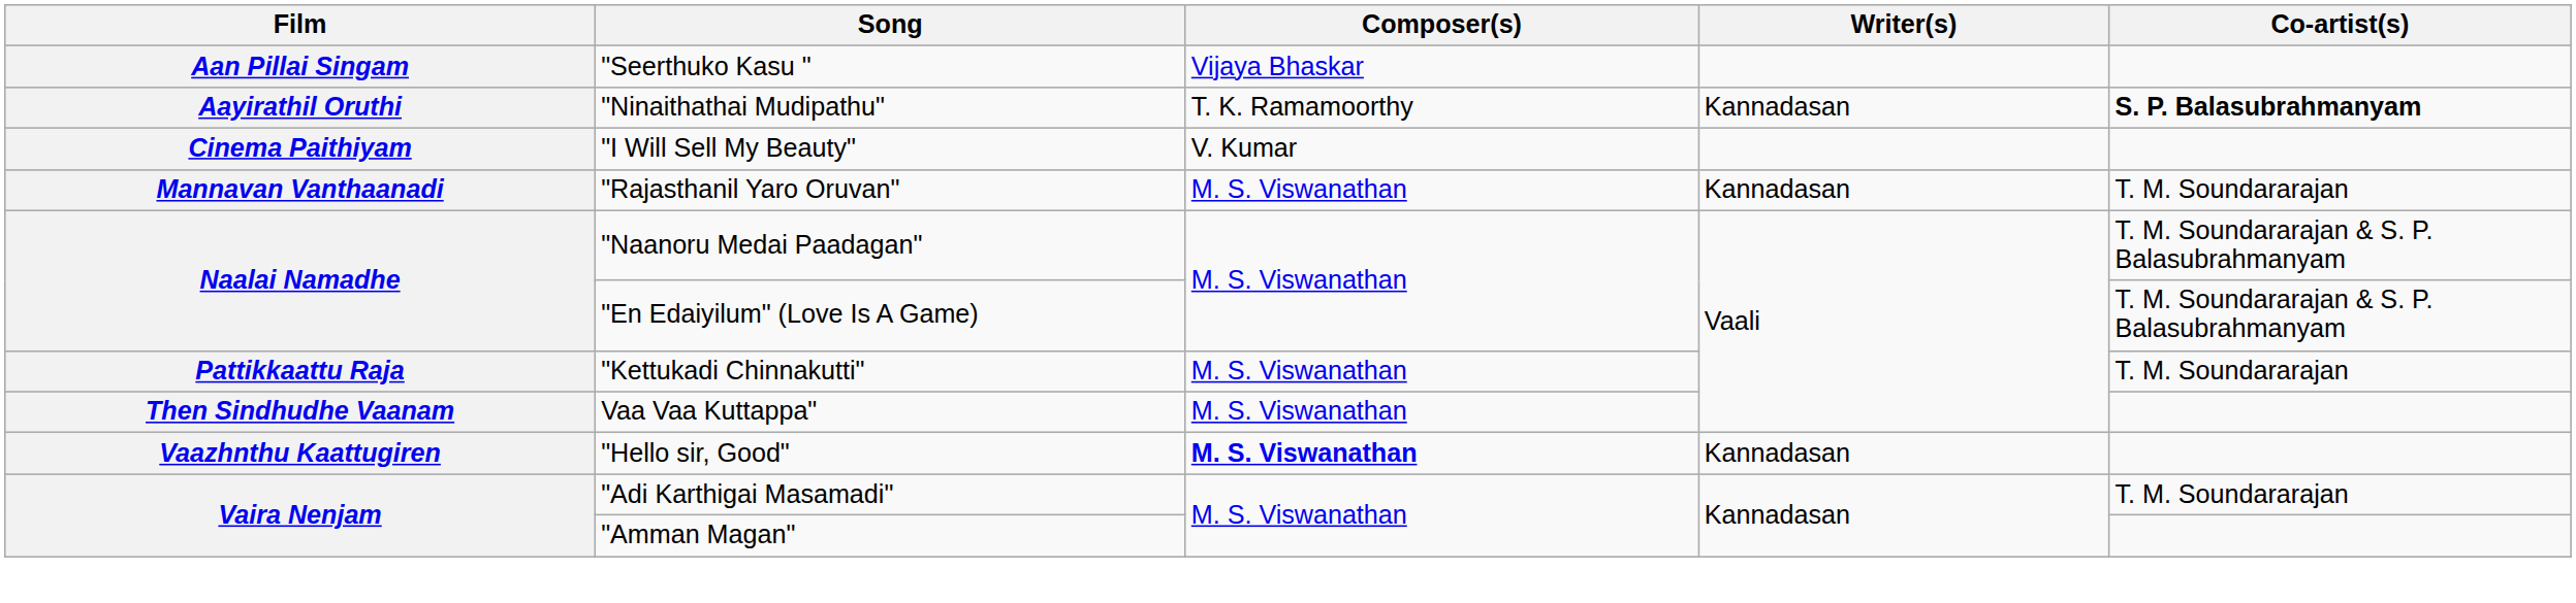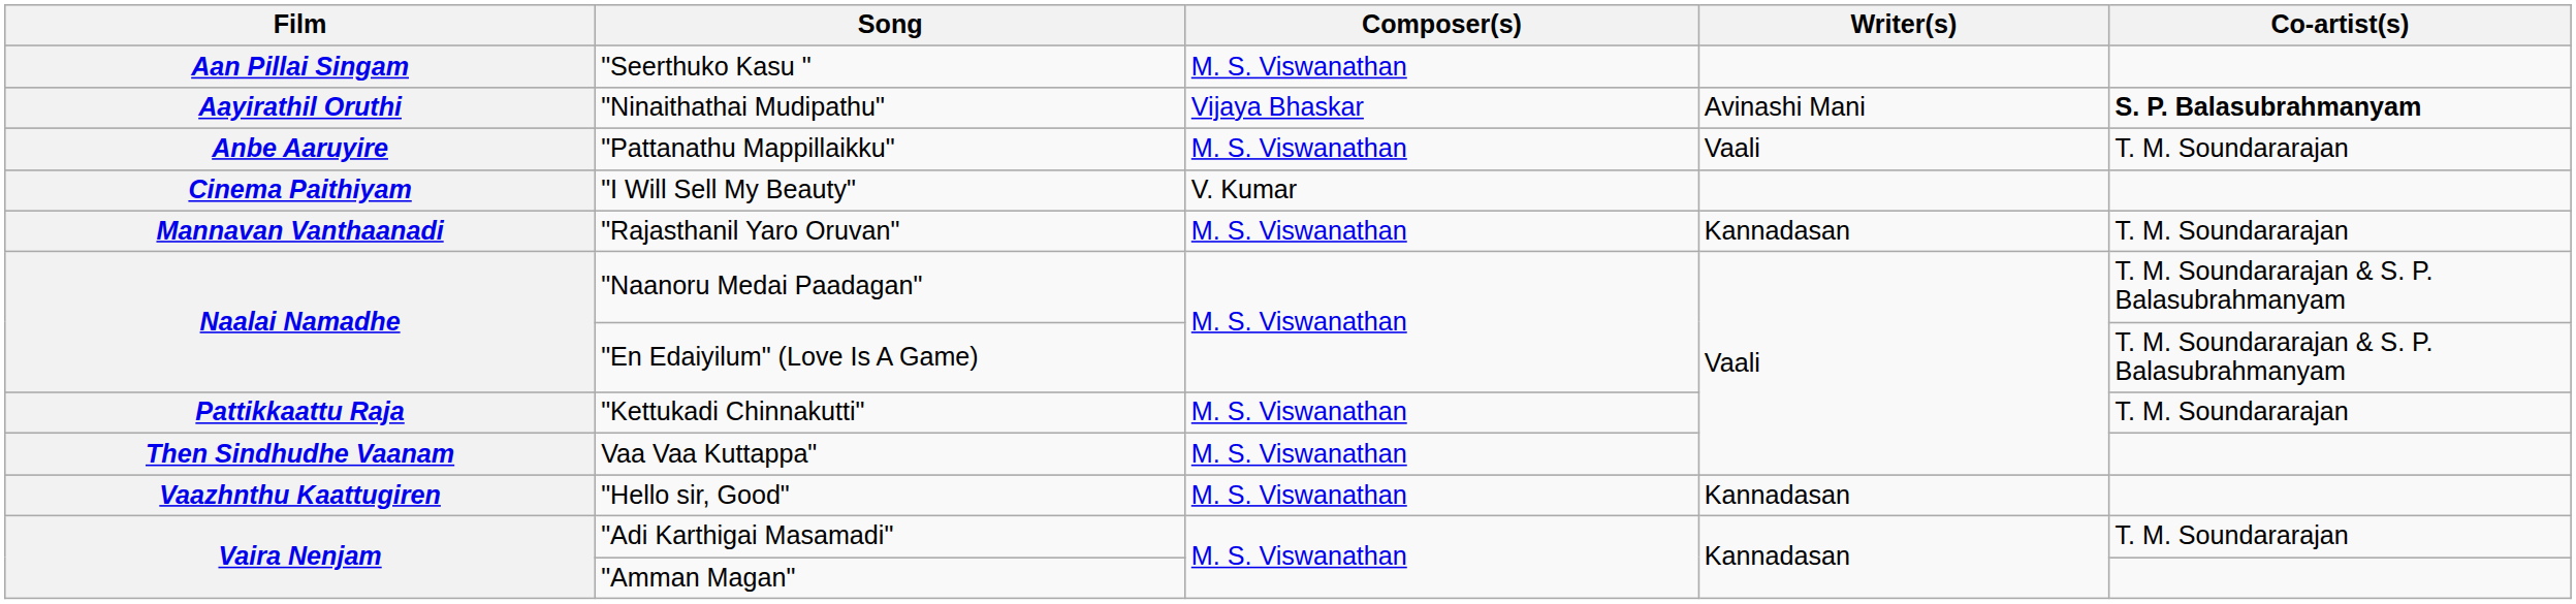 <table class="wikitable plainrowheaders" width="100%" textcolor:#000;">
 <tr style="background:#b0e0e66;">
 <th scope="col" width=23%><strong>Film</strong></th>
 <th scope="col" width=23%><strong>Song</strong></th>
 <th scope="col" width=20%><strong>Composer(s)</strong></th>
 <th scope="col" width=16%><strong>Writer(s)</strong></th>
 <th scope="col" width=18%><strong>Co-artist(s)</strong></th>
 </tr>
 <tr>
 <th><em><a href='#'>Aan Pillai Singam</a></em></th>
 <td>"Seerthuko Kasu	"</td>
-<td><a href='#'>Vijaya Bhaskar</a></td>
+<td><a href='#'>M. S. Viswanathan</a></td>
 <td></td>
 <td></td>
 </tr>
 <tr>
 <th><em><a href='#'>Aayirathil Oruthi</a></em></th>
 <td>"Ninaithathai Mudipathu"</td>
-<td>T. K. Ramamoorthy</td>
-<td>Kannadasan</td>
+<td><a href='#'>Vijaya Bhaskar</a></td>
+<td>Avinashi Mani</td>
 <td><strong>S. P. Balasubrahmanyam</strong></td>
+</tr>
+<tr>
+<th><em><a href='#'>Anbe Aaruyire</a></em></th>
+<td>"Pattanathu Mappillaikku"</td>
+<td><a href='#'>M. S. Viswanathan</a></td>
+<td>Vaali</td>
+<td>T. M. Soundararajan</td>
 </tr>
 <tr>
 <th><em><a href='#'>Cinema Paithiyam</a></em></th>
 <td>"I Will Sell My Beauty"</td>
 <td>V. Kumar</td>
 <td></td>
 <td></td>
 </tr>
 <tr>
 <th><em><a href='#'>Mannavan Vanthaanadi</a></em></th>
 <td>"Rajasthanil Yaro Oruvan"</td>
 <td><a href='#'>M. S. Viswanathan</a></td>
 <td>Kannadasan</td>
 <td>T. M. Soundararajan</td>
 </tr>
 <tr>
 <th rowspan="2"><em><a href='#'>Naalai Namadhe</a></em></th>
 <td>"Naanoru Medai Paadagan"</td>
 <td rowspan="2"><a href='#'>M. S. Viswanathan</a></td>
 <td rowspan="4">Vaali</td>
 <td>T. M. Soundararajan & S. P. Balasubrahmanyam</td>
 </tr>
 <tr>
 <td>"En Edaiyilum" (Love Is A Game)</td>
 <td>T. M. Soundararajan & S. P. Balasubrahmanyam</td>
 </tr>
 <tr>
 <th><em><a href='#'>Pattikkaattu Raja</a></em></th>
 <td>"Kettukadi Chinnakutti"</td>
 <td><a href='#'>M. S. Viswanathan</a></td>
 <td>T. M. Soundararajan</td>
 </tr>
 <tr>
 <th><em><a href='#'>Then Sindhudhe Vaanam</a></em></th>
 <td>Vaa Vaa Kuttappa"</td>
 <td><a href='#'>M. S. Viswanathan</a></td>
 <td></td>
 </tr>
 <tr>
 <th><em><a href='#'>Vaazhnthu Kaattugiren</a></em></th>
 <td>"Hello sir, Good"</td>
-<td><strong><a href='#'>M. S. Viswanathan</a></strong></td>
+<td><a href='#'>M. S. Viswanathan</a></td>
 <td>Kannadasan</td>
 <td></td>
 </tr>
 <tr>
 <th rowspan="2"><em><a href='#'>Vaira Nenjam</a></em></th>
 <td>"Adi Karthigai Masamadi"</td>
 <td rowspan="2"><a href='#'>M. S. Viswanathan</a></td>
 <td rowspan="2">Kannadasan</td>
 <td>T. M. Soundararajan</td>
 </tr>
 <tr>
 <td>"Amman Magan"</td>
 <td></td>
 </tr>
 </table>
